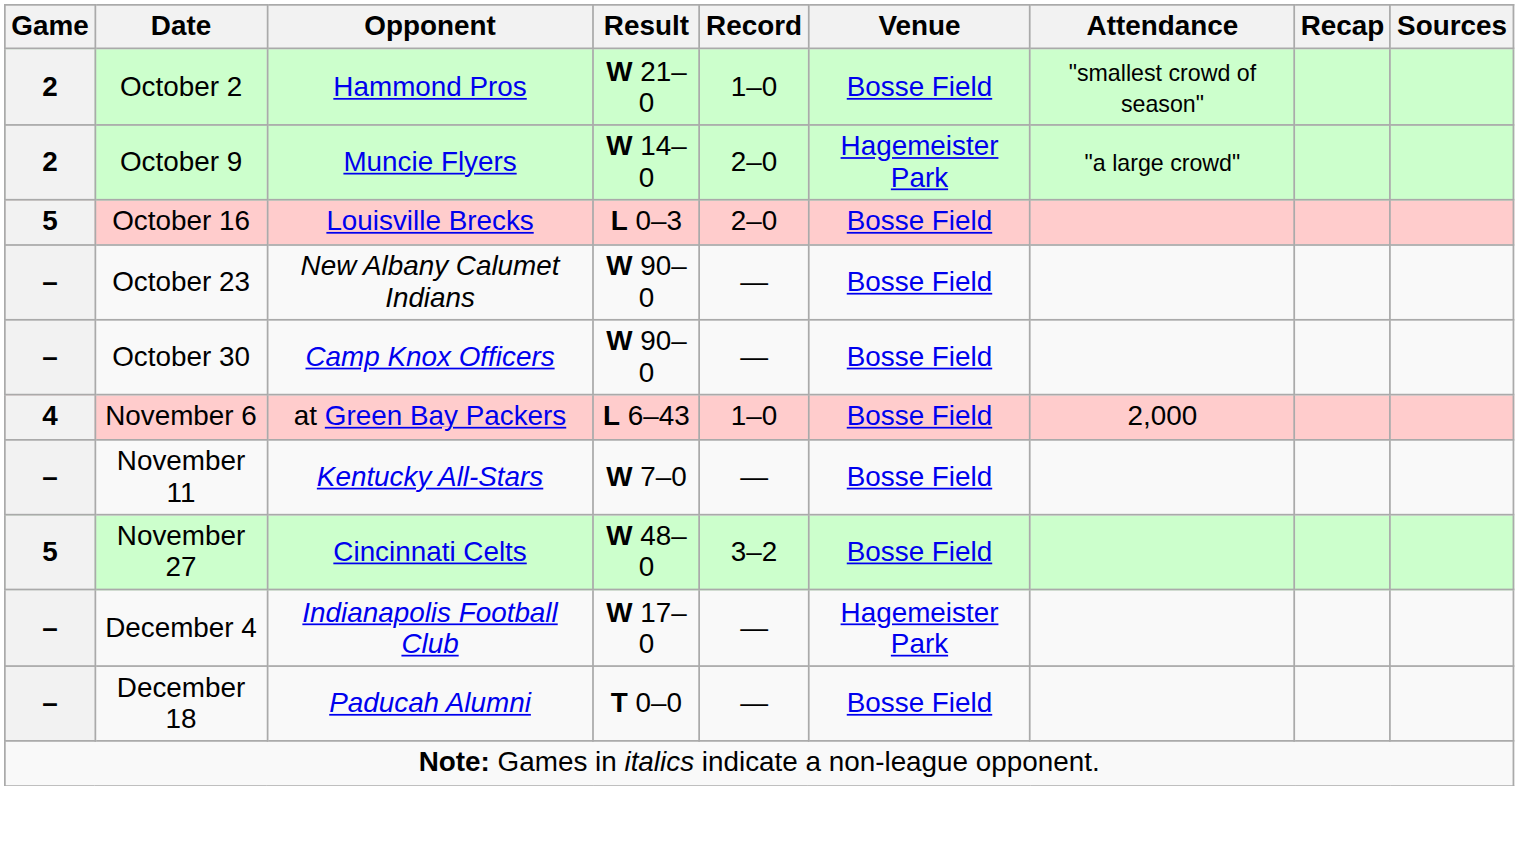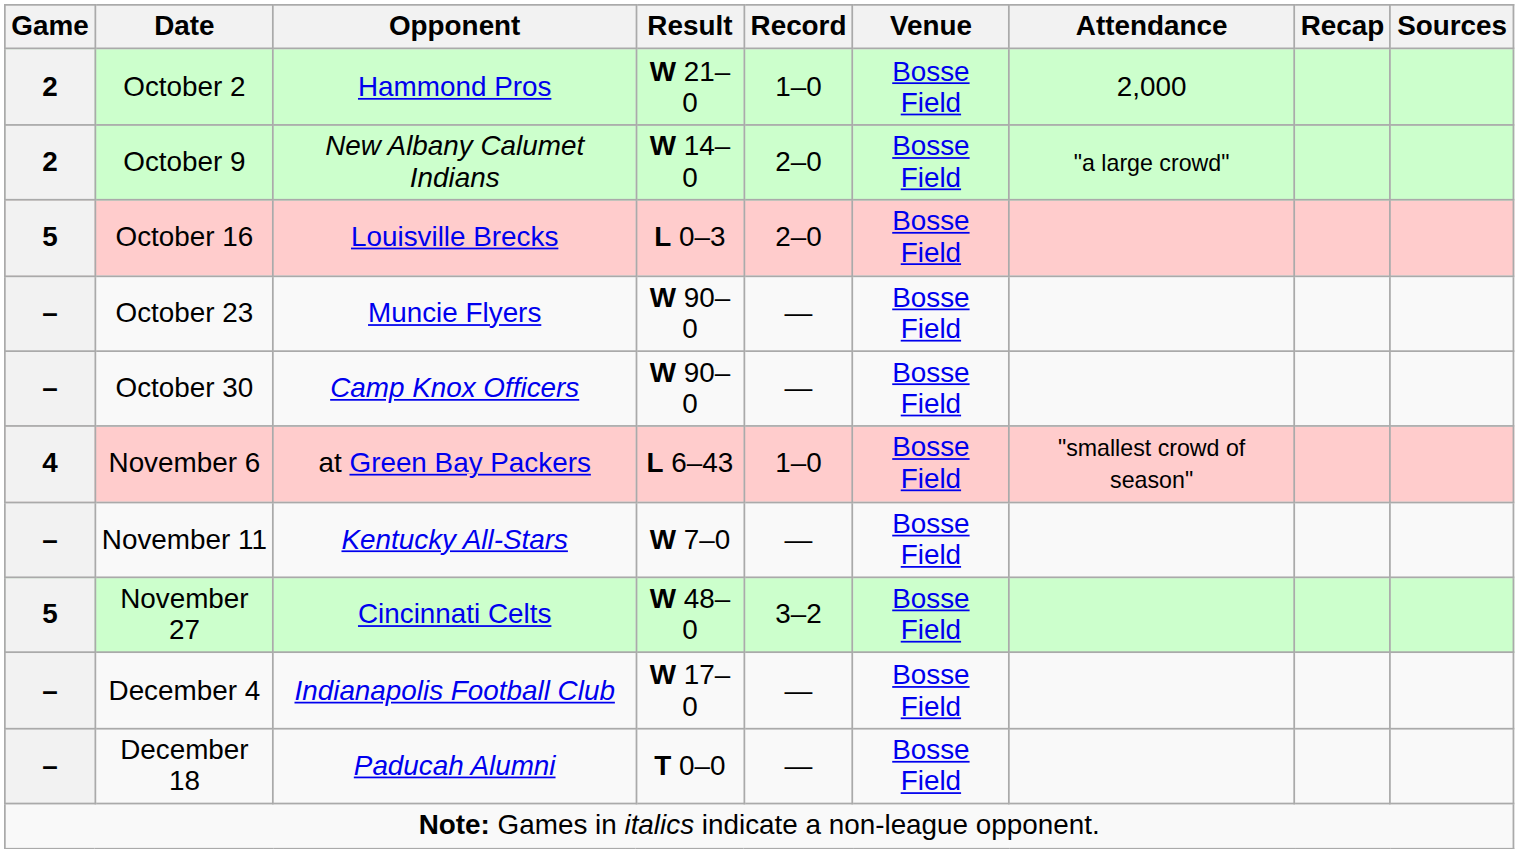 <table class="wikitable" style="text-align:center">
 <tr>
 <th>Game</th>
 <th>Date</th>
 <th>Opponent</th>
 <th>Result</th>
 <th>Record</th>
 <th>Venue</th>
 <th>Attendance</th>
 <th>Recap</th>
 <th>Sources</th>
 </tr>
 <tr style="background:#cfc">
 <th>2</th>
 <td>October 2</td>
 <td><a href='#'>Hammond Pros</a></td>
 <td><strong>W</strong> 21–0</td>
 <td>1–0</td>
 <td><a href='#'>Bosse Field</a></td>
-<td><small>"smallest crowd of season"</small></td>
+<td>2,000 </td>
 <td></td>
 <td></td>
 </tr>
 <tr style="background:#cfc">
 <th>2</th>
 <td>October 9</td>
-<td><a href='#'>Muncie Flyers</a></td>
+<td><em>New Albany Calumet Indians</em></td>
 <td><strong>W</strong> 14–0</td>
 <td>2–0</td>
-<td><a href='#'>Hagemeister Park</a></td>
+<td><a href='#'>Bosse Field</a></td>
 <td><small>"a large crowd"</small></td>
 <td></td>
 <td></td>
 </tr>
 <tr style="background:#fcc">
 <th>5</th>
 <td>October 16</td>
 <td><a href='#'>Louisville Brecks</a></td>
 <td><strong>L</strong> 0–3</td>
 <td>2–0</td>
 <td><a href='#'>Bosse Field</a></td>
 <td></td>
 <td></td>
 <td></td>
 </tr>
 <tr>
 <th>–</th>
 <td>October 23</td>
-<td><em>New Albany Calumet Indians</em></td>
+<td><a href='#'>Muncie Flyers</a></td>
 <td><strong>W</strong> 90–0</td>
 <td>—</td>
 <td><a href='#'>Bosse Field</a></td>
 <td></td>
 <td></td>
 <td></td>
 </tr>
 <tr>
 <th>–</th>
 <td>October 30</td>
 <td><em><a href='#'>Camp Knox Officers</a></em></td>
 <td><strong>W</strong> 90–0</td>
 <td>—</td>
 <td><a href='#'>Bosse Field</a></td>
 <td></td>
 <td></td>
 <td></td>
 </tr>
 <tr style="background:#fcc">
 <th>4</th>
 <td>November 6</td>
 <td>at <a href='#'>Green Bay Packers</a></td>
 <td><strong>L</strong> 6–43</td>
 <td>1–0</td>
 <td><a href='#'>Bosse Field</a></td>
-<td>2,000 </td>
+<td><small>"smallest crowd of season"</small></td>
 <td></td>
 <td></td>
 </tr>
 <tr>
 <th>–</th>
 <td>November 11</td>
 <td><em><a href='#'>Kentucky All-Stars</a></em></td>
 <td><strong>W</strong> 7–0</td>
 <td>—</td>
 <td><a href='#'>Bosse Field</a></td>
 <td></td>
 <td></td>
 <td></td>
 </tr>
 <tr style="background:#cfc">
 <th>5</th>
 <td>November 27</td>
 <td><a href='#'>Cincinnati Celts</a></td>
 <td><strong>W</strong> 48–0</td>
 <td>3–2</td>
 <td><a href='#'>Bosse Field</a></td>
 <td></td>
 <td></td>
 <td></td>
 </tr>
 <tr>
 <th>–</th>
 <td>December 4</td>
 <td><em><a href='#'>Indianapolis Football Club</a></em></td>
 <td><strong>W</strong> 17–0</td>
 <td>—</td>
-<td><a href='#'>Hagemeister Park</a></td>
+<td><a href='#'>Bosse Field</a></td>
 <td></td>
 <td></td>
 <td></td>
 </tr>
 <tr>
 <th>–</th>
 <td>December 18</td>
 <td><em><a href='#'>Paducah Alumni</a></em></td>
 <td><strong>T</strong> 0–0</td>
 <td>—</td>
 <td><a href='#'>Bosse Field</a></td>
 <td></td>
 <td></td>
 <td></td>
 </tr>
 <tr>
 <td colspan="10"><strong>Note:</strong> Games in <em>italics</em> indicate a non-league opponent.</td>
 </tr>
 </table>
